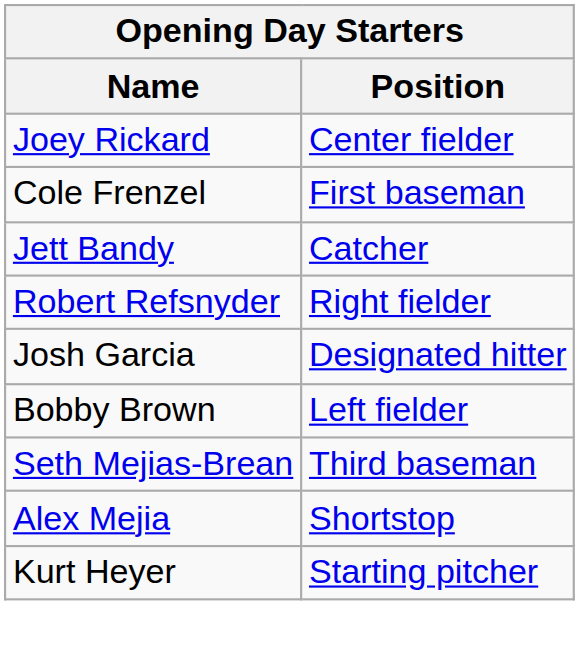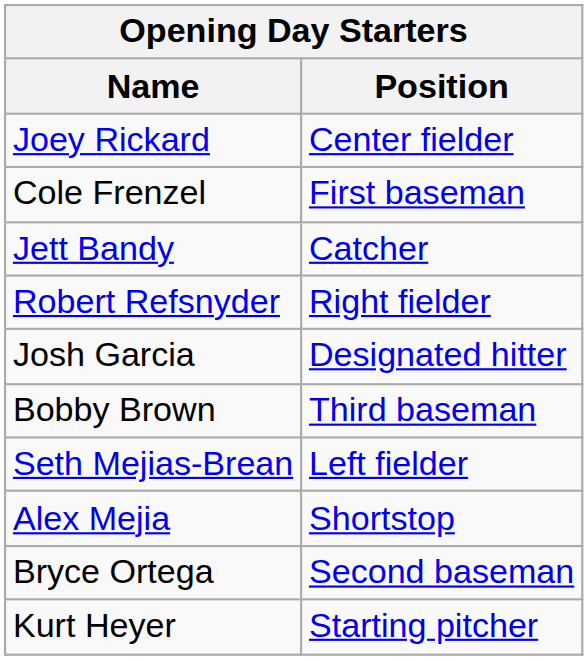 <table class="wikitable" style="text-align:left">
 <tr>
 <th colspan="2">Opening Day Starters</th>
 </tr>
 <tr>
 <th>Name</th>
 <th>Position</th>
 </tr>
 <tr>
 <td><a href='#'>Joey Rickard</a></td>
 <td><a href='#'>Center fielder</a></td>
 </tr>
 <tr>
 <td>Cole Frenzel</td>
 <td><a href='#'>First baseman</a></td>
 </tr>
 <tr>
 <td><a href='#'>Jett Bandy</a></td>
 <td><a href='#'>Catcher</a></td>
 </tr>
 <tr>
 <td><a href='#'>Robert Refsnyder</a></td>
 <td><a href='#'>Right fielder</a></td>
 </tr>
 <tr>
 <td>Josh Garcia</td>
 <td><a href='#'>Designated hitter</a></td>
 </tr>
 <tr>
 <td>Bobby Brown</td>
-<td><a href='#'>Left fielder</a></td>
+<td><a href='#'>Third baseman</a></td>
 </tr>
 <tr>
 <td><a href='#'>Seth Mejias-Brean</a></td>
-<td><a href='#'>Third baseman</a></td>
+<td><a href='#'>Left fielder</a></td>
 </tr>
 <tr>
 <td><a href='#'>Alex Mejia</a></td>
 <td><a href='#'>Shortstop</a></td>
 </tr>
 <tr>
+<td>Bryce Ortega</td>
+<td><a href='#'>Second baseman</a></td>
+</tr>
+<tr>
 <td>Kurt Heyer</td>
 <td><a href='#'>Starting pitcher</a></td>
 </tr>
 </table>
